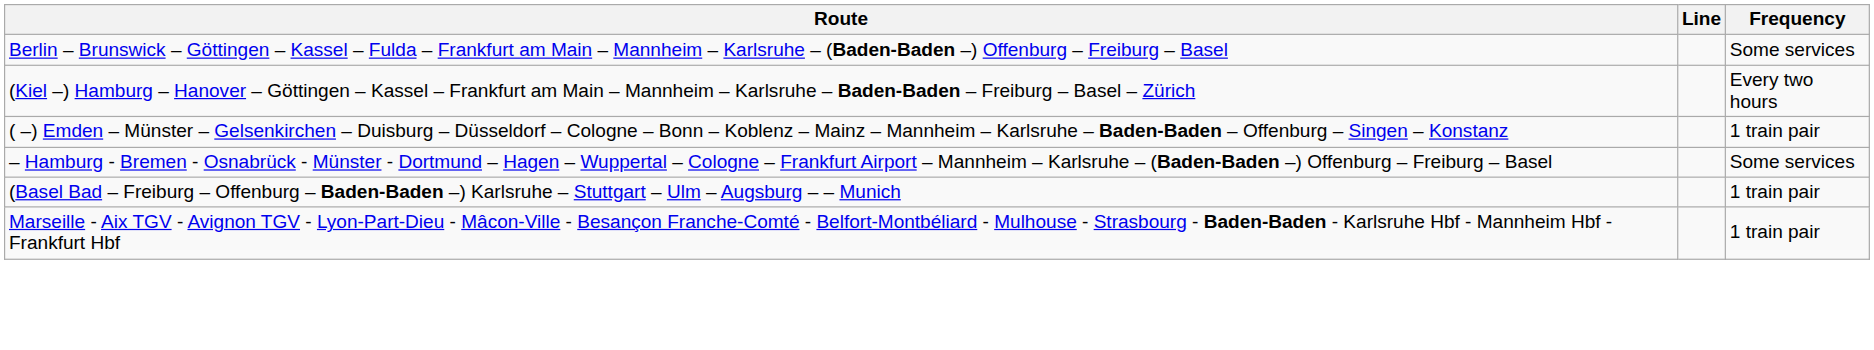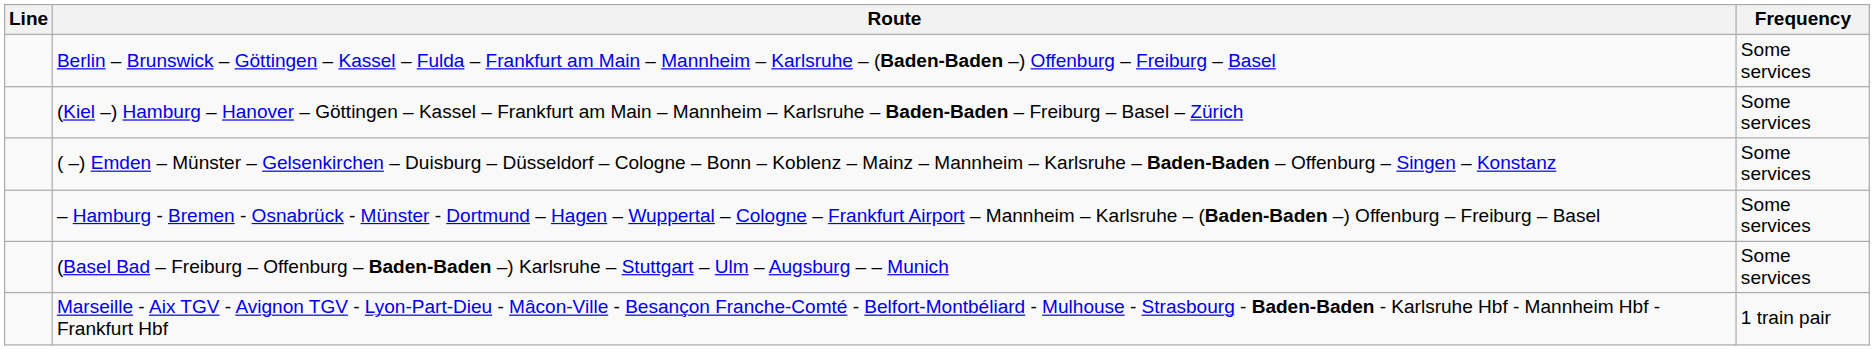 <table class="wikitable">
 <tr>
+<th>Line</th>
 <th>Route</th>
-<th>Line</th>
 <th>Frequency</th>
 </tr>
 <tr>
+<td></td>
 <td><a href='#'>Berlin</a> – <a href='#'>Brunswick</a> – <a href='#'>Göttingen</a> – <a href='#'>Kassel</a> – <a href='#'>Fulda</a> – <a href='#'>Frankfurt am Main</a> – <a href='#'>Mannheim</a> – <a href='#'>Karlsruhe</a> – (<strong>Baden-Baden</strong> –) <a href='#'>Offenburg</a> – <a href='#'>Freiburg</a> – <a href='#'>Basel</a></td>
-<td></td>
 <td>Some services</td>
 </tr>
 <tr>
+<td></td>
 <td>(<a href='#'>Kiel</a> –) <a href='#'>Hamburg</a> – <a href='#'>Hanover</a> – Göttingen – Kassel – Frankfurt am Main – Mannheim – Karlsruhe – <strong>Baden-Baden</strong> – Freiburg – Basel – <a href='#'>Zürich</a></td>
-<td></td>
-<td>Every two hours</td>
-</tr>
-<tr>
-<td>( –) <a href='#'>Emden</a> – Münster – <a href='#'>Gelsenkirchen</a> – Duisburg – Düsseldorf – Cologne – Bonn – Koblenz – Mainz – Mannheim – Karlsruhe – <strong>Baden-Baden</strong> – Offenburg – <a href='#'>Singen</a> – <a href='#'>Konstanz</a></td>
-<td></td>
-<td>1 train pair</td>
-</tr>
-<tr>
-<td> – <a href='#'>Hamburg</a> - <a href='#'>Bremen</a> - <a href='#'>Osnabrück</a> - <a href='#'>Münster</a> - <a href='#'>Dortmund</a> – <a href='#'>Hagen</a> – <a href='#'>Wuppertal</a> – <a href='#'>Cologne</a> – <a href='#'>Frankfurt Airport</a> – Mannheim – Karlsruhe – (<strong>Baden-Baden</strong> –) Offenburg – Freiburg – Basel</td>
-<td></td>
 <td>Some services</td>
 </tr>
 <tr>
-<td>(<a href='#'>Basel Bad</a> – Freiburg – Offenburg – <strong>Baden-Baden</strong> –) Karlsruhe – <a href='#'>Stuttgart</a>  – <a href='#'>Ulm</a> – <a href='#'>Augsburg</a> –  – <a href='#'>Munich</a></td>
 <td></td>
-<td>1 train pair</td>
+<td>( –) <a href='#'>Emden</a> – Münster – <a href='#'>Gelsenkirchen</a> – Duisburg – Düsseldorf – Cologne – Bonn – Koblenz – Mainz – Mannheim – Karlsruhe – <strong>Baden-Baden</strong> – Offenburg – <a href='#'>Singen</a> – <a href='#'>Konstanz</a></td>
+<td>Some services</td>
 </tr>
 <tr>
+<td></td>
+<td> – <a href='#'>Hamburg</a> - <a href='#'>Bremen</a> - <a href='#'>Osnabrück</a> - <a href='#'>Münster</a> - <a href='#'>Dortmund</a> – <a href='#'>Hagen</a> – <a href='#'>Wuppertal</a> – <a href='#'>Cologne</a> – <a href='#'>Frankfurt Airport</a> – Mannheim – Karlsruhe – (<strong>Baden-Baden</strong> –) Offenburg – Freiburg – Basel</td>
+<td>Some services</td>
+</tr>
+<tr>
+<td></td>
+<td>(<a href='#'>Basel Bad</a> – Freiburg – Offenburg – <strong>Baden-Baden</strong> –) Karlsruhe – <a href='#'>Stuttgart</a>  – <a href='#'>Ulm</a> – <a href='#'>Augsburg</a> –  – <a href='#'>Munich</a></td>
+<td>Some services</td>
+</tr>
+<tr>
+<td></td>
 <td><a href='#'>Marseille</a> - <a href='#'>Aix TGV</a> - <a href='#'>Avignon TGV</a> - <a href='#'>Lyon-Part-Dieu</a> - <a href='#'>Mâcon-Ville</a> - <a href='#'>Besançon Franche-Comté</a> - <a href='#'>Belfort-Montbéliard</a> - <a href='#'>Mulhouse</a> - <a href='#'>Strasbourg</a> - <strong>Baden-Baden</strong> - Karlsruhe Hbf - Mannheim Hbf - Frankfurt Hbf</td>
-<td></td>
 <td>1 train pair</td>
 </tr>
 </table>
